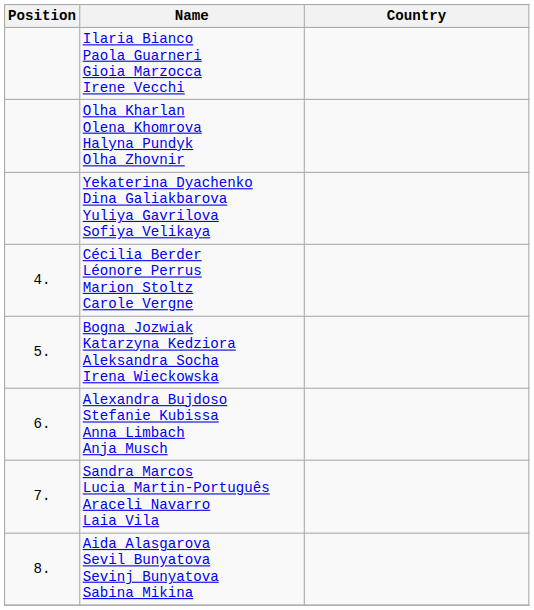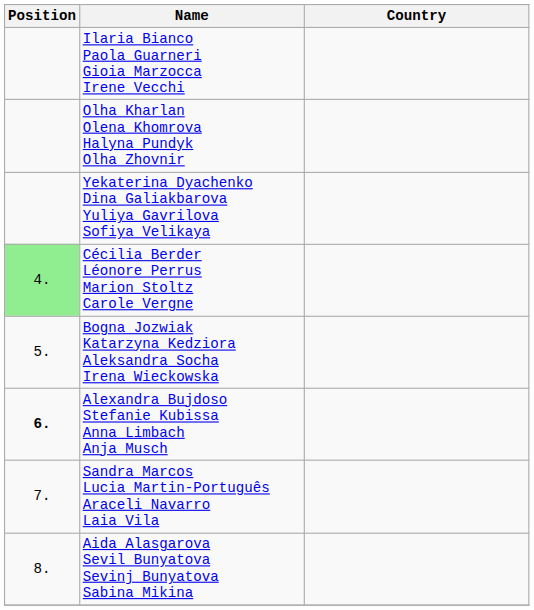 <table class="wikitable">
 <tr>
 <th width="20">Position</th>
 <th width="200">Name</th>
 <th width="200">Country</th>
 </tr>
 <tr>
 <td align="center"></td>
 <td><a href='#'>Ilaria Bianco</a><br><a href='#'>Paola Guarneri</a><br><a href='#'>Gioia Marzocca</a><br><a href='#'>Irene Vecchi</a></td>
 <td></td>
 </tr>
 <tr>
 <td align="center"></td>
 <td><a href='#'>Olha Kharlan</a><br><a href='#'>Olena Khomrova</a><br><a href='#'>Halyna Pundyk</a><br><a href='#'>Olha Zhovnir</a></td>
 <td></td>
 </tr>
 <tr>
 <td align="center"></td>
 <td><a href='#'>Yekaterina Dyachenko</a><br><a href='#'>Dina Galiakbarova</a><br><a href='#'>Yuliya Gavrilova</a><br><a href='#'>Sofiya Velikaya</a></td>
 <td></td>
 </tr>
 <tr>
-<td align="center">4.</td>
+<td align="center" style="background: lightgreen;">4.</td>
 <td><a href='#'>Cécilia Berder</a><br><a href='#'>Léonore Perrus</a><br><a href='#'>Marion Stoltz</a><br><a href='#'>Carole Vergne</a></td>
 <td></td>
 </tr>
 <tr>
 <td align="center">5.</td>
 <td><a href='#'>Bogna Jozwiak</a><br><a href='#'>Katarzyna Kedziora</a><br><a href='#'>Aleksandra Socha</a><br><a href='#'>Irena Wieckowska</a></td>
 <td></td>
 </tr>
 <tr>
-<td align="center">6.</td>
+<td align="center"><strong>6.</strong></td>
 <td><a href='#'>Alexandra Bujdoso</a><br><a href='#'>Stefanie Kubissa</a><br><a href='#'>Anna Limbach</a><br><a href='#'>Anja Musch</a></td>
 <td></td>
 </tr>
 <tr>
 <td align="center">7.</td>
 <td><a href='#'>Sandra Marcos</a><br><a href='#'>Lucia Martin-Português</a><br><a href='#'>Araceli Navarro</a><br><a href='#'>Laia Vila</a></td>
 <td></td>
 </tr>
 <tr>
 <td align="center">8.</td>
 <td><a href='#'>Aida Alasgarova</a><br><a href='#'>Sevil Bunyatova</a><br><a href='#'>Sevinj Bunyatova</a><br><a href='#'>Sabina Mikina</a></td>
 <td></td>
 </tr>
 <tr>
 </tr>
 </table>
